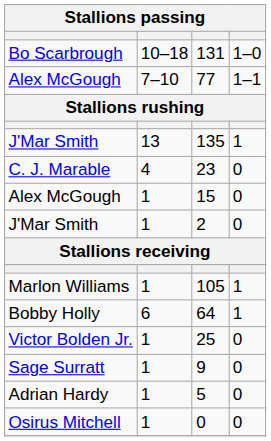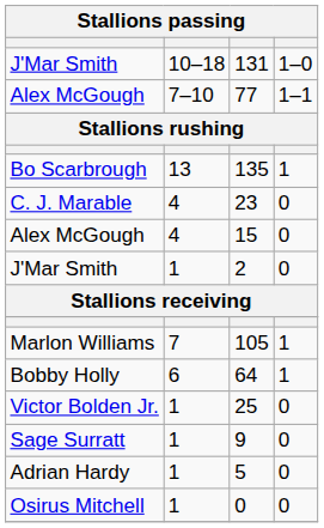 <table class="wikitable plainrowheaders">
 <tr>
 <th colspan="6">Stallions passing</th>
 </tr>
 <tr>
 <th scope="col"></th>
 <th scope="col"></th>
 <th scope="col"></th>
 <th scope="col"></th>
 </tr>
 <tr>
-<td><a href='#'>Bo Scarbrough</a></td>
+<td><a href='#'>J'Mar Smith</a></td>
 <td>10–18</td>
 <td>131</td>
 <td>1–0</td>
 </tr>
 <tr>
 <td><a href='#'>Alex McGough</a></td>
 <td>7–10</td>
 <td>77</td>
 <td>1–1</td>
 </tr>
 <tr>
 <th colspan="6">Stallions rushing</th>
 </tr>
 <tr>
 <th scope="col"></th>
 <th scope="col"></th>
 <th scope="col"></th>
 <th scope="col"></th>
 </tr>
 <tr>
-<td><a href='#'>J'Mar Smith</a></td>
+<td><a href='#'>Bo Scarbrough</a></td>
 <td>13</td>
 <td>135</td>
 <td>1</td>
 </tr>
 <tr>
 <td><a href='#'>C. J. Marable</a></td>
 <td>4</td>
 <td>23</td>
 <td>0</td>
 </tr>
 <tr>
 <td>Alex McGough</td>
-<td>1</td>
+<td>4</td>
 <td>15</td>
 <td>0</td>
 </tr>
 <tr>
 <td>J'Mar Smith</td>
 <td>1</td>
 <td>2</td>
 <td>0</td>
 </tr>
 <tr>
 <th colspan="6">Stallions receiving</th>
 </tr>
 <tr>
 </tr>
 <tr>
 <th scope="col"></th>
 <th scope="col"></th>
 <th scope="col"></th>
 <th scope="col"></th>
 </tr>
 <tr>
 <td>Marlon Williams</td>
-<td>1</td>
+<td>7</td>
 <td>105</td>
 <td>1</td>
 </tr>
 <tr>
 <td>Bobby Holly</td>
 <td>6</td>
 <td>64</td>
 <td>1</td>
 </tr>
 <tr>
 <td><a href='#'>Victor Bolden Jr.</a></td>
 <td>1</td>
 <td>25</td>
 <td>0</td>
 </tr>
 <tr>
 <td><a href='#'>Sage Surratt</a></td>
 <td>1</td>
 <td>9</td>
 <td>0</td>
 </tr>
 <tr>
 <td>Adrian Hardy</td>
 <td>1</td>
 <td>5</td>
 <td>0</td>
 </tr>
 <tr>
 <td><a href='#'>Osirus Mitchell</a></td>
 <td>1</td>
 <td>0</td>
 <td>0</td>
 </tr>
 <tr>
 </tr>
 </table>
